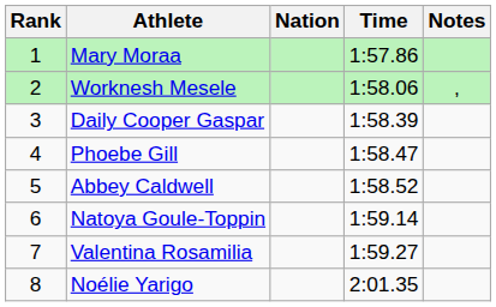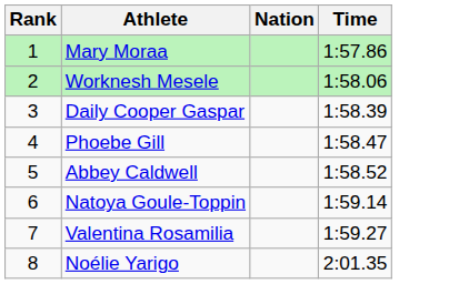 <table class="wikitable sortable" style="text-align:center;">
 <tr>
 <th>Rank</th>
 <th>Athlete</th>
 <th>Nation</th>
 <th>Time</th>
-<th>Notes</th>
 </tr>
 <tr bgcolor=bbf3bb>
 <td>1</td>
 <td align=left><a href='#'>Mary Moraa</a></td>
 <td align=left></td>
 <td>1:57.86</td>
-<td></td>
 </tr>
 <tr bgcolor=bbf3bb>
 <td>2</td>
 <td align=left><a href='#'>Worknesh Mesele</a></td>
 <td align=left></td>
 <td>1:58.06</td>
-<td>, </td>
 </tr>
 <tr>
 <td>3</td>
 <td align=left><a href='#'>Daily Cooper Gaspar</a></td>
 <td align=left></td>
 <td>1:58.39</td>
-<td></td>
 </tr>
 <tr>
 <td>4</td>
 <td align=left><a href='#'>Phoebe Gill</a></td>
 <td align=left></td>
 <td>1:58.47</td>
-<td></td>
 </tr>
 <tr>
 <td>5</td>
 <td align=left><a href='#'>Abbey Caldwell</a></td>
 <td align=left></td>
 <td>1:58.52</td>
-<td></td>
 </tr>
 <tr>
 <td>6</td>
 <td align=left><a href='#'>Natoya Goule-Toppin</a></td>
 <td align=left></td>
 <td>1:59.14</td>
-<td></td>
 </tr>
 <tr>
 <td>7</td>
 <td align=left><a href='#'>Valentina Rosamilia</a></td>
 <td align=left></td>
 <td>1:59.27</td>
-<td></td>
 </tr>
 <tr>
 <td>8</td>
 <td align=left><a href='#'>Noélie Yarigo</a></td>
 <td align=left></td>
 <td>2:01.35</td>
-<td></td>
 </tr>
 </table>
